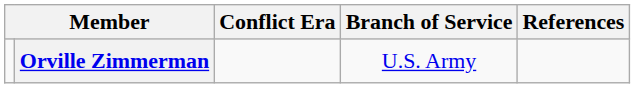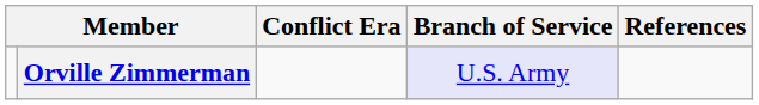 <table class=wikitable style="text-align:center">
 <tr>
 <th scope="col" colspan="2">Member</th>
 <th scope="col">Conflict Era</th>
 <th scope="col">Branch of Service</th>
 <th scope="col">References</th>
 </tr>
 <tr style="height:2em;">
 <td></td>
 <th scope="row"><a href='#'>Orville Zimmerman</a></th>
 <td></td>
-<td><a href='#'>U.S. Army</a></td>
+<td style="background: lavender;"><a href='#'>U.S. Army</a></td>
 <td></td>
 </tr>
 </table>
